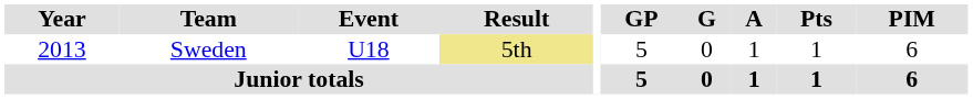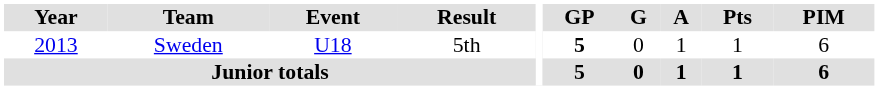 <table border="0" cellpadding="1" cellspacing="0" ID="Table3" style="text-align:center; width:40em">
 <tr ALIGN="center" bgcolor="#e0e0e0">
 <th>Year</th>
 <th>Team</th>
 <th>Event</th>
 <th>Result</th>
 <th rowspan="99" bgcolor="#ffffff"></th>
 <th>GP</th>
 <th>G</th>
 <th>A</th>
 <th>Pts</th>
 <th>PIM</th>
 </tr>
 <tr>
 <td><a href='#'>2013</a></td>
 <td><a href='#'>Sweden</a></td>
 <td><a href='#'>U18</a></td>
-<td style="background: khaki;">5th</td>
-<td>5</td>
+<td>5th</td>
+<td><strong>5</strong></td>
 <td>0</td>
 <td>1</td>
 <td>1</td>
 <td>6</td>
 </tr>
 <tr bgcolor="#e0e0e0">
 <th colspan="4">Junior totals</th>
 <th>5</th>
 <th>0</th>
 <th>1</th>
 <th>1</th>
 <th>6</th>
 </tr>
 </table>
